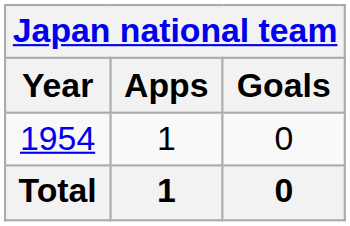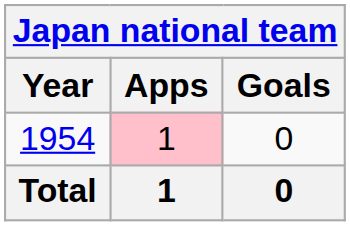 <table class="wikitable" style="text-align:center">
 <tr>
 <th colspan=3><a href='#'>Japan national team</a></th>
 </tr>
 <tr>
 <th>Year</th>
 <th>Apps</th>
 <th>Goals</th>
 </tr>
 <tr>
 <td><a href='#'>1954</a></td>
-<td>1</td>
+<td style="background: pink;">1</td>
 <td>0</td>
 </tr>
 <tr>
 <th>Total</th>
 <th>1</th>
 <th>0</th>
 </tr>
 </table>
